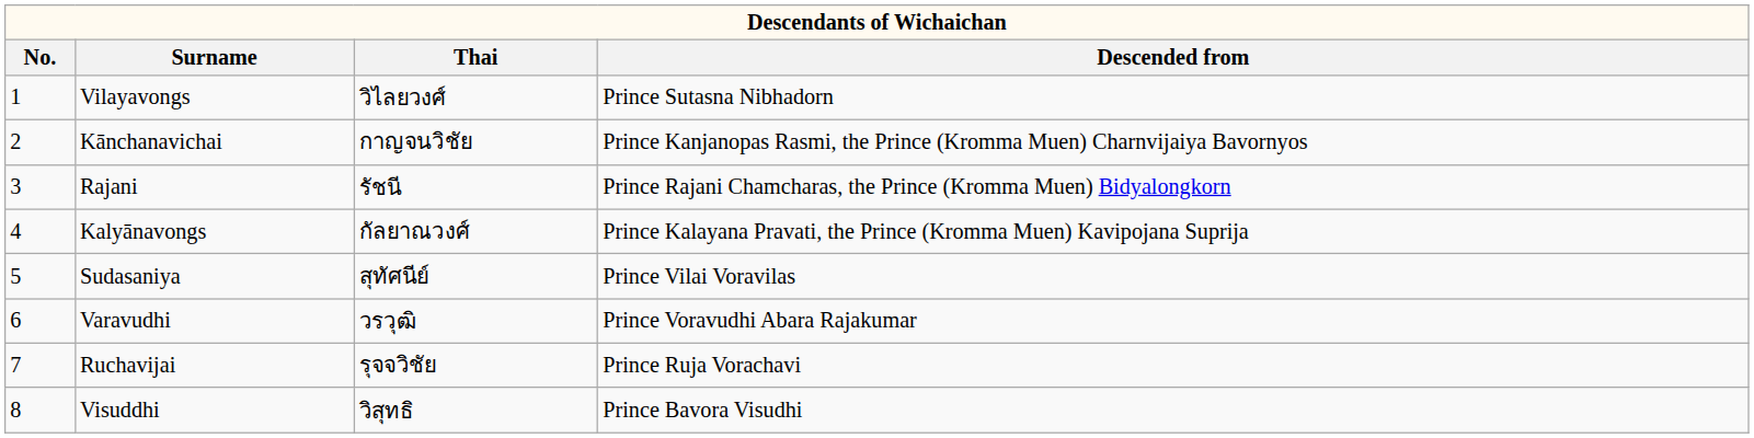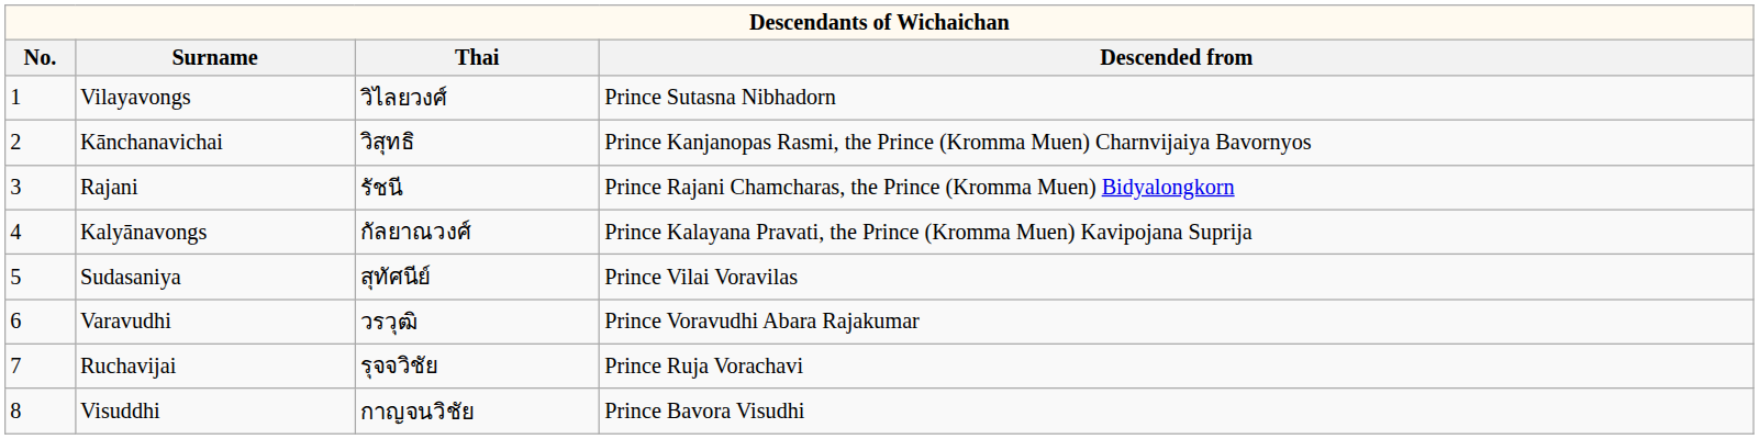 <table class="wikitable collapsible collapsed" style="width:100%;">
 <tr>
 <th style="align: center; background: #fffaf0;" colspan="4"><strong>Descendants of Wichaichan</strong></th>
 </tr>
 <tr>
 <th style="width:4%;">No.</th>
 <th style="width:16%;">Surname</th>
 <th style="width:14%;">Thai</th>
 <th style="width:66%;">Descended from</th>
 </tr>
 <tr>
 <td>1</td>
 <td>Vilayavongs</td>
 <td>วิไลยวงศ์</td>
 <td>Prince Sutasna Nibhadorn</td>
 </tr>
 <tr>
 <td>2</td>
 <td>Kānchanavichai</td>
-<td>กาญจนวิชัย</td>
+<td>วิสุทธิ</td>
 <td>Prince Kanjanopas Rasmi, the Prince (Kromma Muen) Charnvijaiya Bavornyos</td>
 </tr>
 <tr>
 <td>3</td>
 <td>Rajani</td>
 <td>รัชนี</td>
 <td>Prince Rajani Chamcharas, the Prince (Kromma Muen) <a href='#'>Bidyalongkorn</a></td>
 </tr>
 <tr>
 <td>4</td>
 <td>Kalyānavongs</td>
 <td>กัลยาณวงศ์</td>
 <td>Prince Kalayana Pravati, the Prince (Kromma Muen) Kavipojana Suprija</td>
 </tr>
 <tr>
 <td>5</td>
 <td>Sudasaniya</td>
 <td>สุทัศนีย์</td>
 <td>Prince Vilai Voravilas</td>
 </tr>
 <tr>
 <td>6</td>
 <td>Varavudhi</td>
 <td>วรวุฒิ</td>
 <td>Prince Voravudhi Abara Rajakumar</td>
 </tr>
 <tr>
 <td>7</td>
 <td>Ruchavijai</td>
 <td>รุจจวิชัย</td>
 <td>Prince Ruja Vorachavi</td>
 </tr>
 <tr>
 <td>8</td>
 <td>Visuddhi</td>
-<td>วิสุทธิ</td>
+<td>กาญจนวิชัย</td>
 <td>Prince Bavora Visudhi</td>
 </tr>
 </table>
